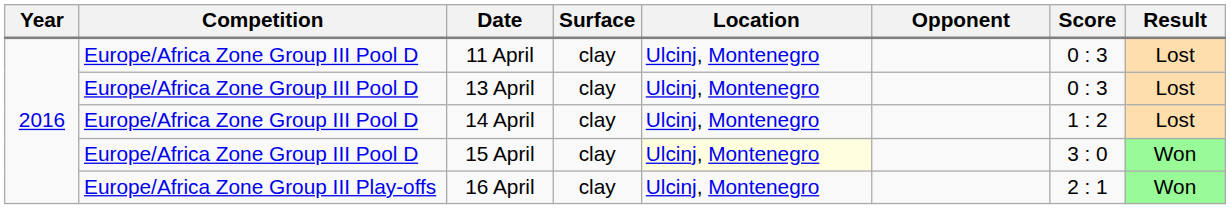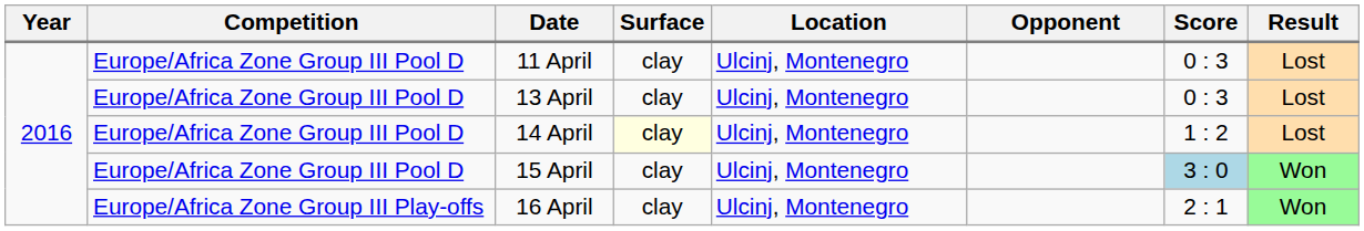 <table class="wikitable">
 <tr>
 <th width="50">Year</th>
 <th width="275">Competition</th>
 <th width="75">Date</th>
 <th width="60">Surface</th>
 <th width="170">Location</th>
 <th width="130">Opponent</th>
 <th width="50">Score</th>
 <th width="70">Result</th>
 </tr>
 <tr style="border-top:2px solid gray;">
 <td rowspan="5" align="center"><a href='#'>2016</a></td>
 <td><a href='#'>Europe/Africa Zone Group III Pool D</a></td>
 <td align="center">11 April</td>
 <td align="center">clay</td>
 <td><a href='#'>Ulcinj</a>, <a href='#'>Montenegro</a></td>
 <td></td>
 <td align="center">0 : 3</td>
 <td align="center" bgcolor="#FFDEAD">Lost</td>
 </tr>
 <tr>
 <td><a href='#'>Europe/Africa Zone Group III Pool D</a></td>
 <td align="center">13 April</td>
 <td align="center">clay</td>
 <td><a href='#'>Ulcinj</a>, <a href='#'>Montenegro</a></td>
 <td></td>
 <td align="center">0 : 3</td>
 <td align="center" bgcolor="#FFDEAD">Lost</td>
 </tr>
 <tr>
 <td><a href='#'>Europe/Africa Zone Group III Pool D</a></td>
 <td align="center">14 April</td>
-<td align="center">clay</td>
+<td align="center" style="background: lightyellow;">clay</td>
 <td><a href='#'>Ulcinj</a>, <a href='#'>Montenegro</a></td>
 <td></td>
 <td align="center">1 : 2</td>
 <td align="center" bgcolor="#FFDEAD">Lost</td>
 </tr>
 <tr>
 <td><a href='#'>Europe/Africa Zone Group III Pool D</a></td>
 <td align="center">15 April</td>
 <td align="center">clay</td>
-<td style="background: lightyellow;"><a href='#'>Ulcinj</a>, <a href='#'>Montenegro</a></td>
+<td><a href='#'>Ulcinj</a>, <a href='#'>Montenegro</a></td>
 <td></td>
-<td align="center">3 : 0</td>
+<td align="center" style="background: lightblue;">3 : 0</td>
 <td align="center" bgcolor="#98FB98">Won</td>
 </tr>
 <tr>
 <td><a href='#'>Europe/Africa Zone Group III Play-offs</a></td>
 <td align="center">16 April</td>
 <td align="center">clay</td>
 <td><a href='#'>Ulcinj</a>, <a href='#'>Montenegro</a></td>
 <td></td>
 <td align="center">2 : 1</td>
 <td align="center" bgcolor="#98FB98">Won</td>
 </tr>
 </table>
